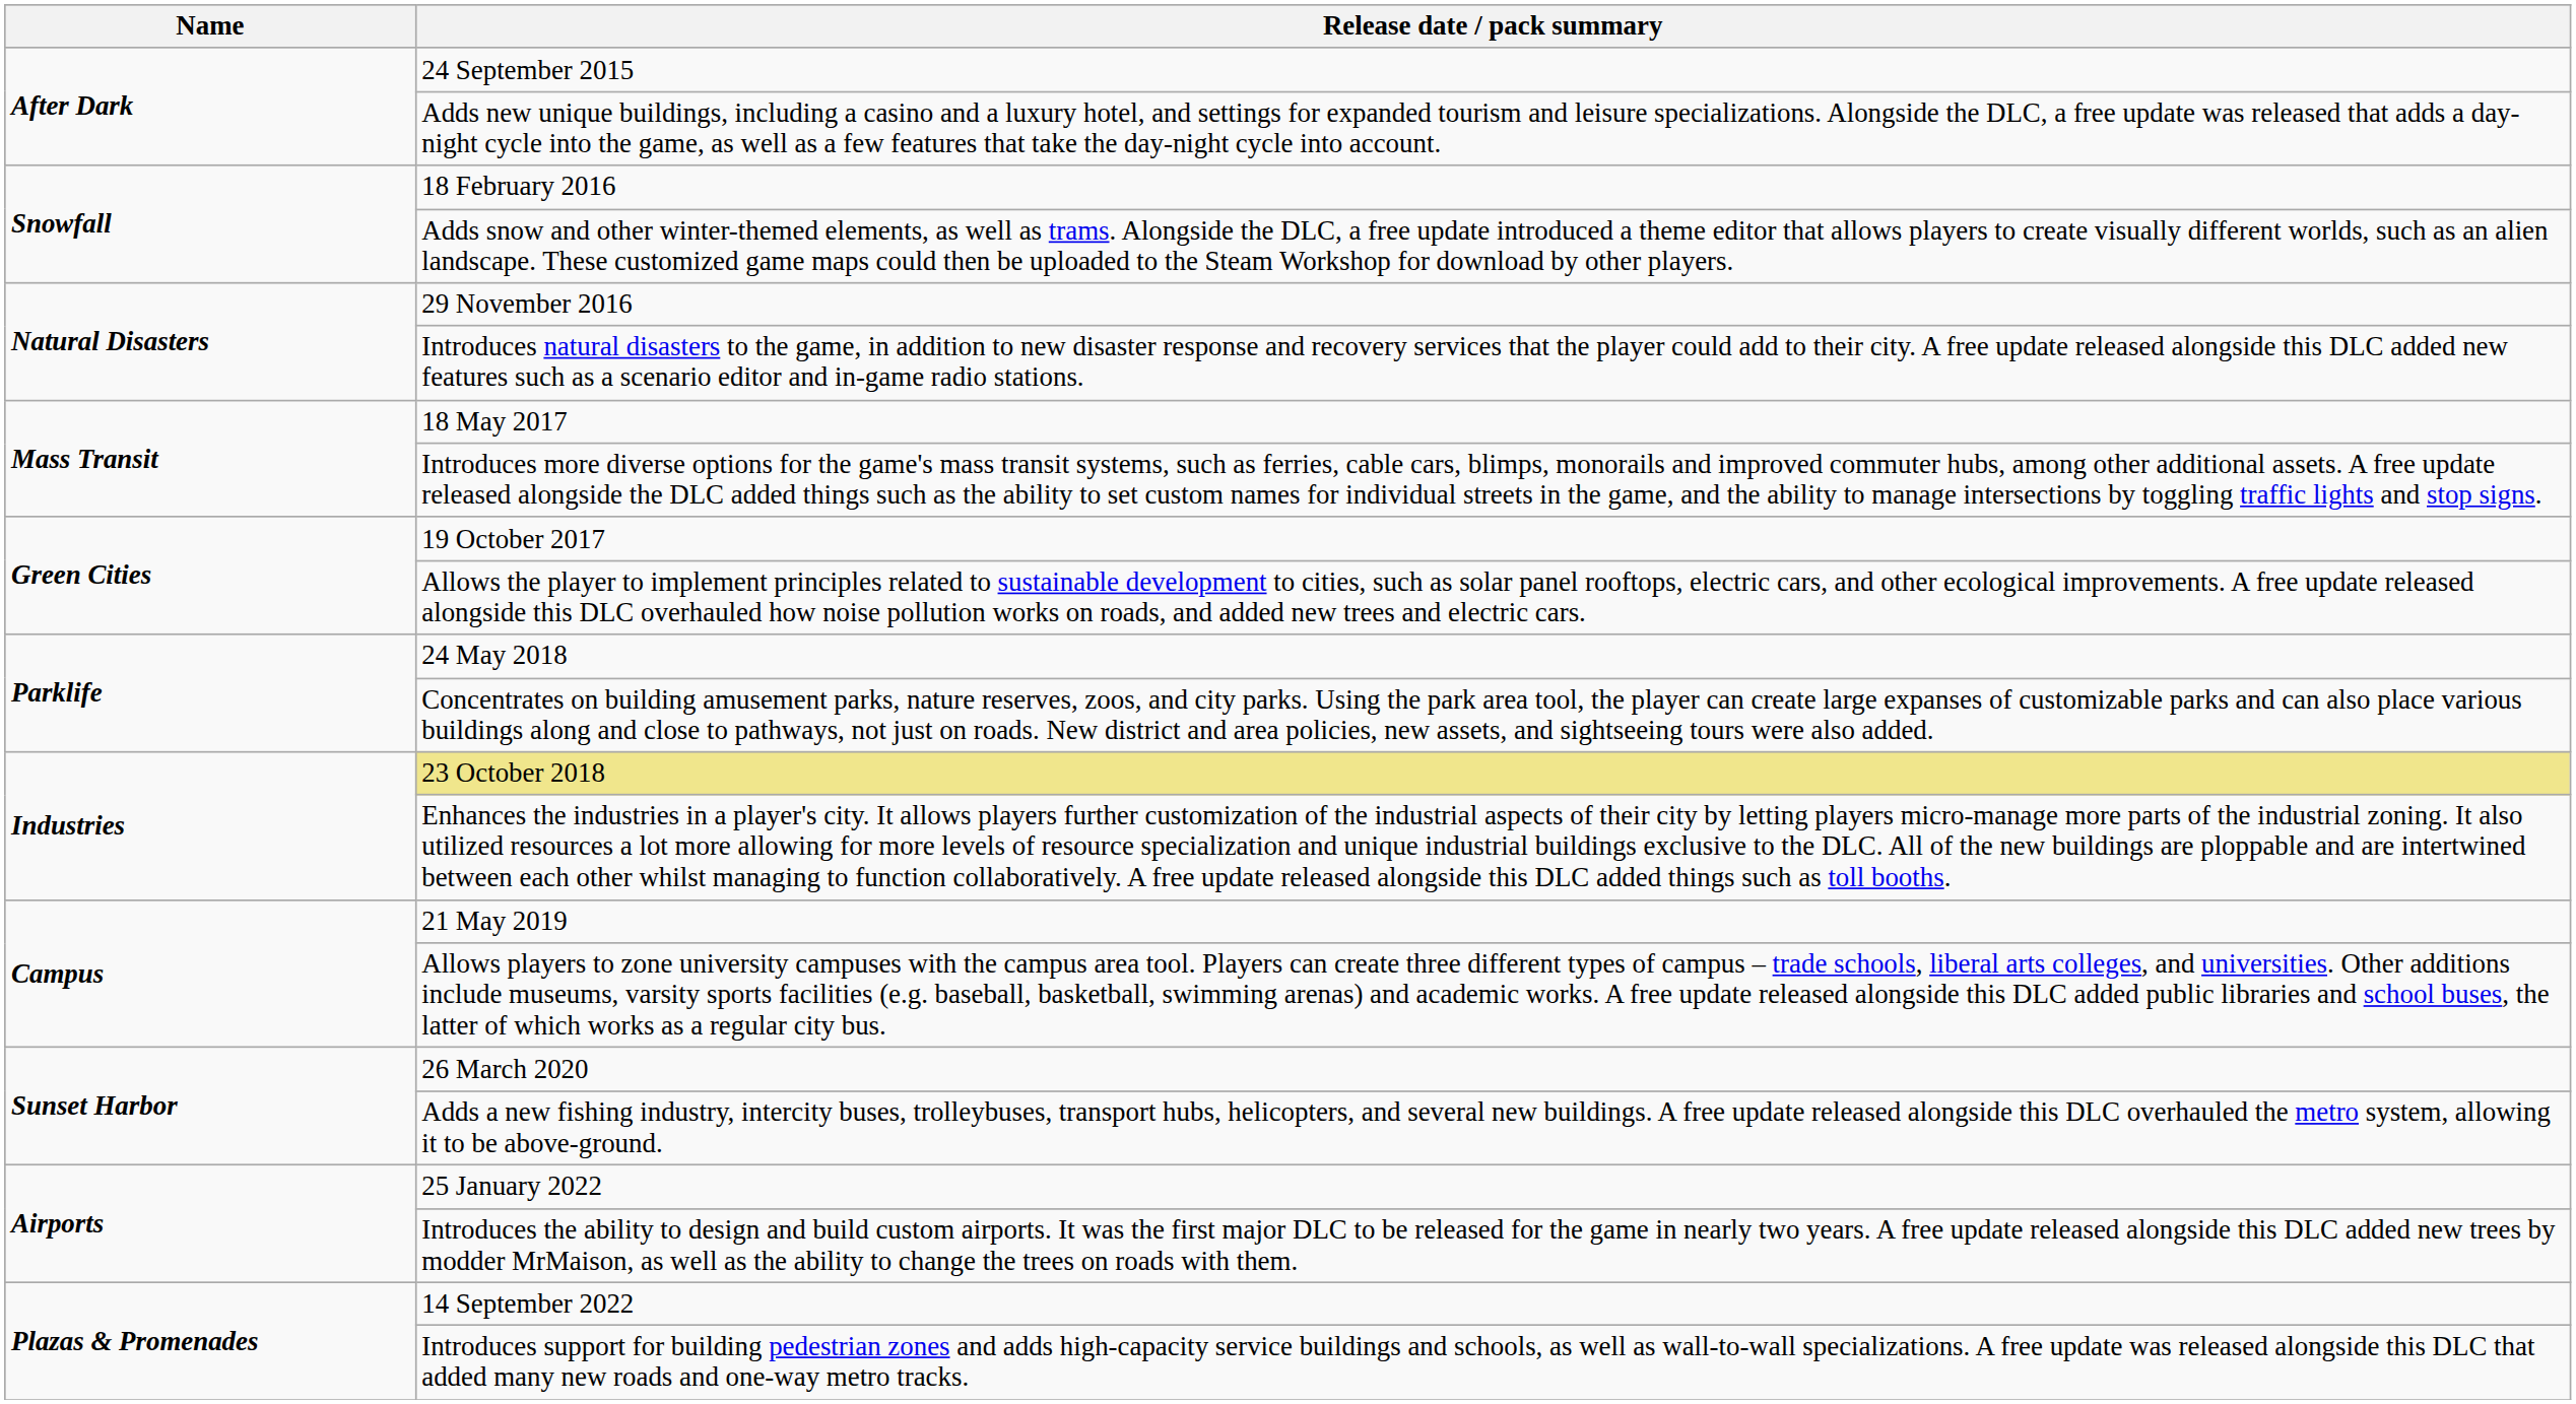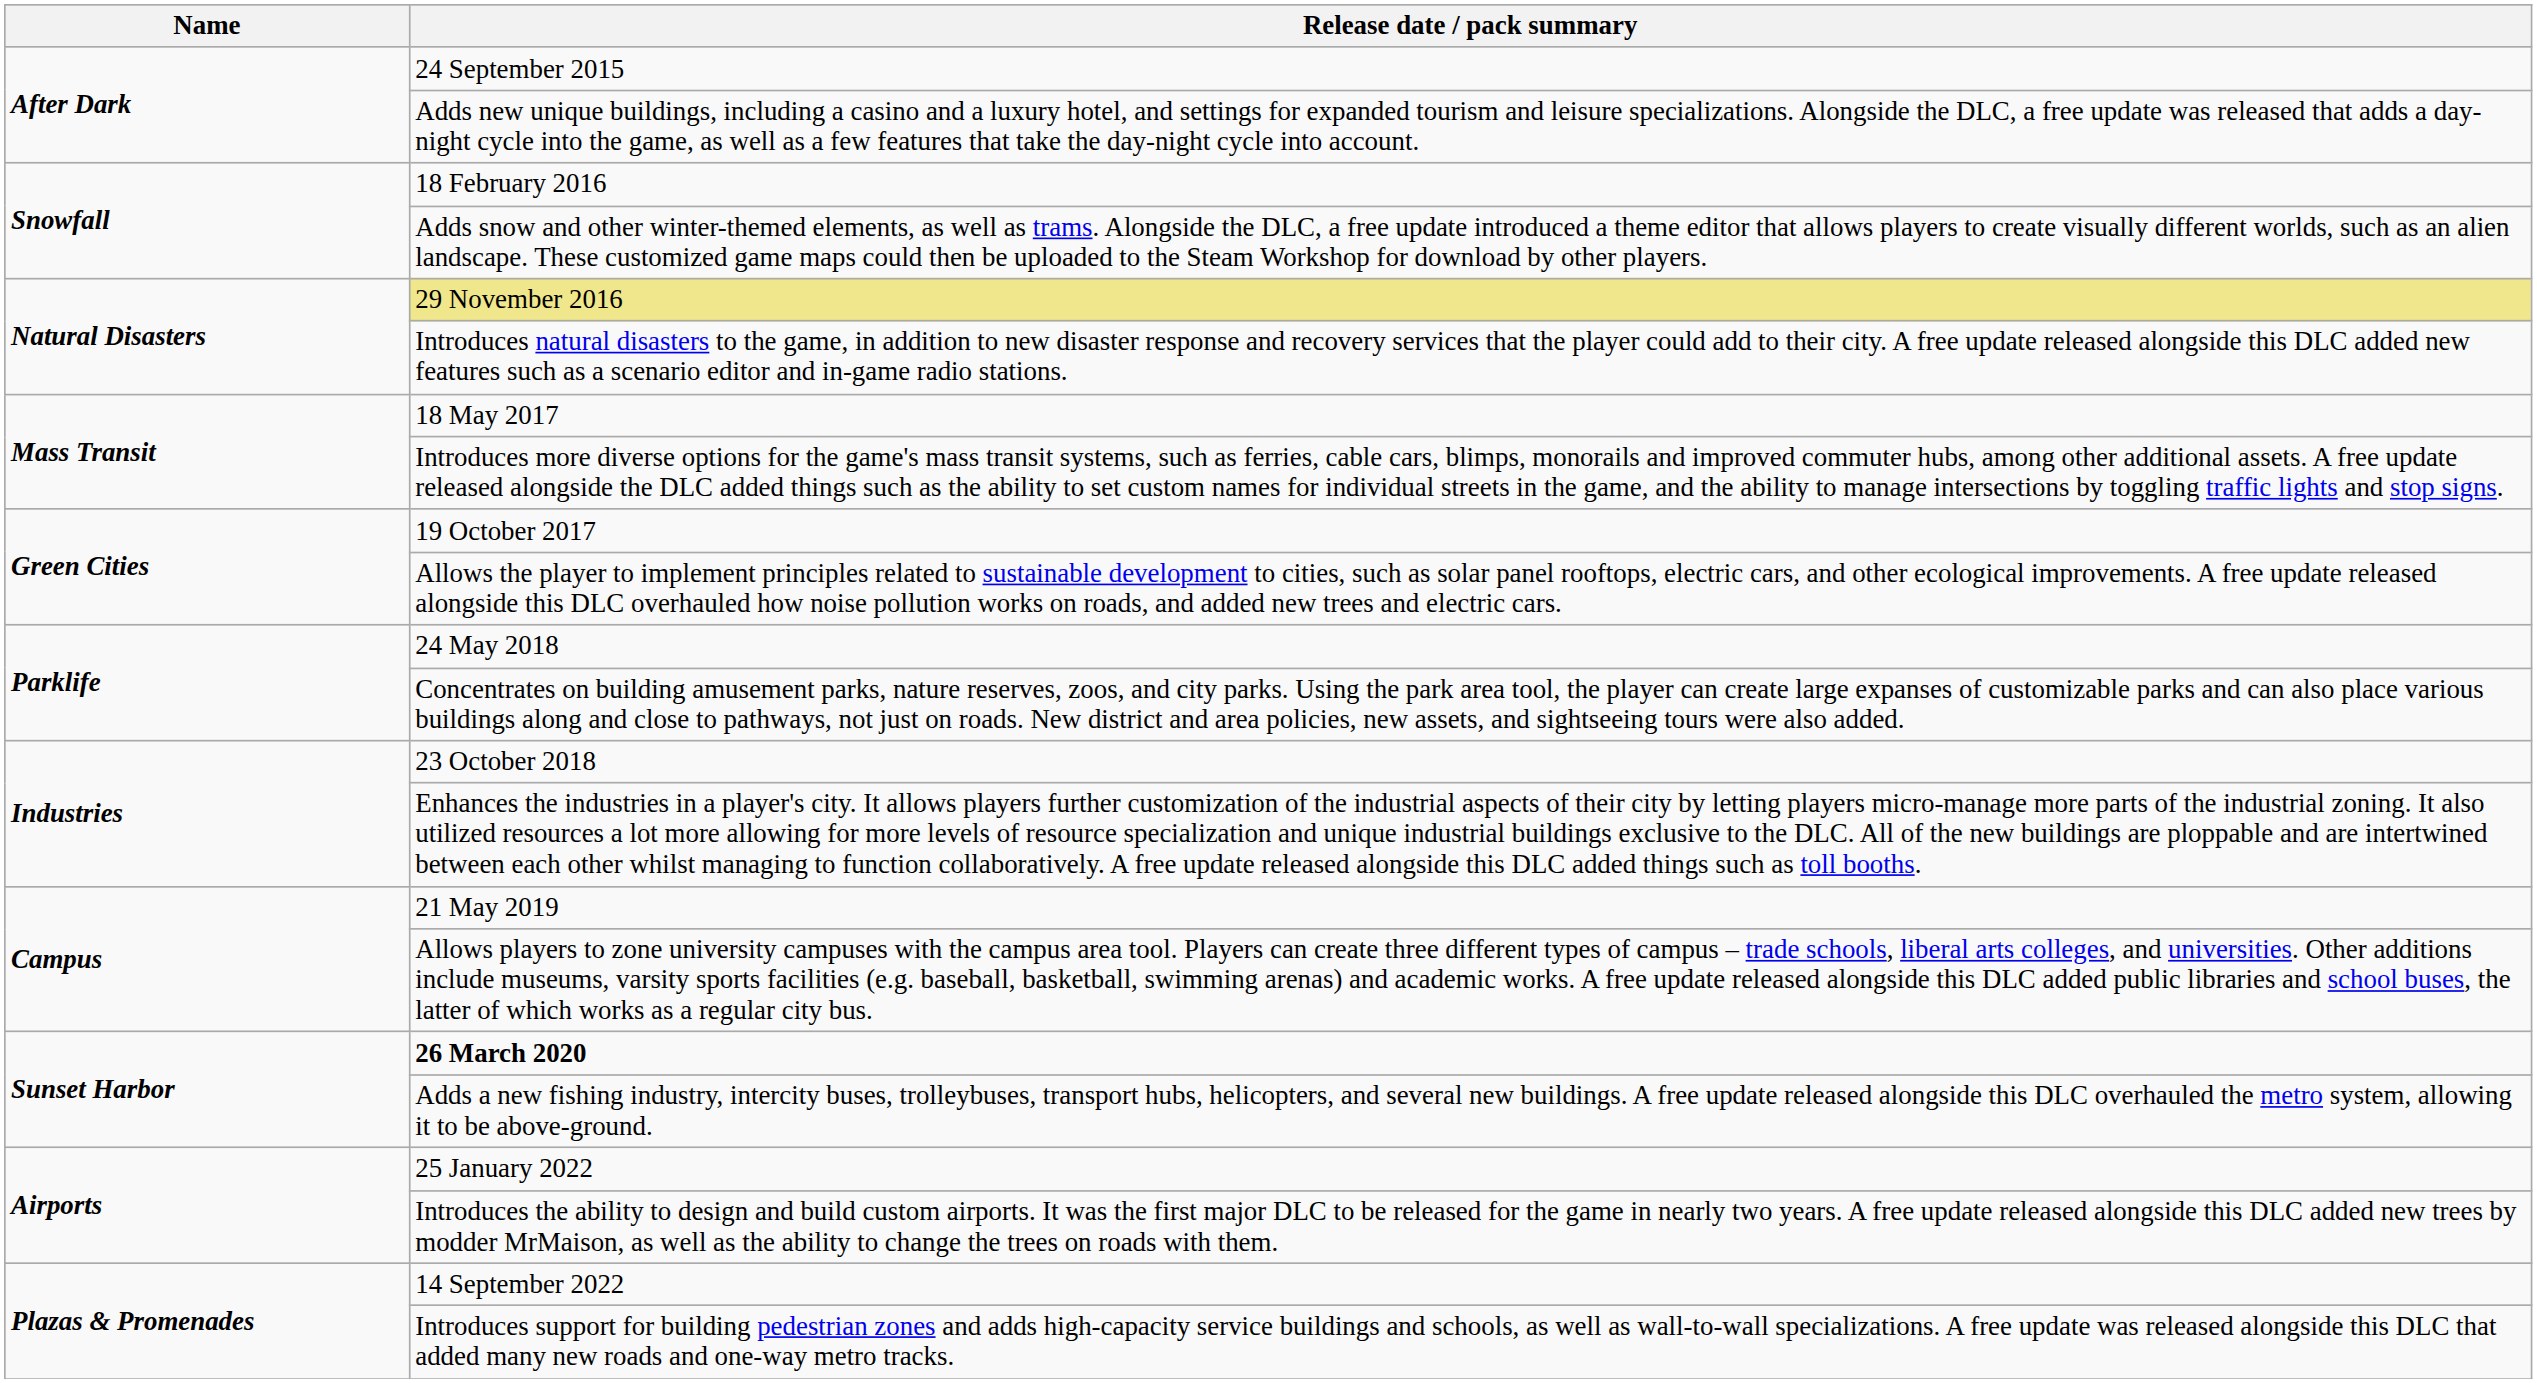 <table class="wikitable" style="width: 95%;">
 <tr>
 <th width="16%">Name</th>
 <th>Release date / pack summary</th>
 </tr>
 <tr>
 <td rowspan="2"><strong><em>After Dark</em></strong></td>
 <td>24 September 2015</td>
 </tr>
 <tr>
 <td>Adds new unique buildings, including a casino and a luxury hotel, and settings for expanded tourism and leisure specializations. Alongside the DLC, a free update was released that adds a day-night cycle into the game, as well as a few features that take the day-night cycle into account.</td>
 </tr>
 <tr>
 <td rowspan="2"><strong><em>Snowfall</em></strong></td>
 <td>18 February 2016</td>
 </tr>
 <tr>
 <td>Adds snow and other winter-themed elements, as well as <a href='#'>trams</a>. Alongside the DLC, a free update introduced a theme editor that allows players to create visually different worlds, such as an alien landscape. These customized game maps could then be uploaded to the Steam Workshop for download by other players.</td>
 </tr>
 <tr>
 <td rowspan="2"><strong><em>Natural Disasters</em></strong></td>
-<td>29 November 2016</td>
+<td style="background: khaki;">29 November 2016</td>
 </tr>
 <tr>
 <td>Introduces <a href='#'>natural disasters</a> to the game, in addition to new disaster response and recovery services that the player could add to their city. A free update released alongside this DLC added new features such as a scenario editor and in-game radio stations.</td>
 </tr>
 <tr>
 <td rowspan="2"><strong><em>Mass Transit</em></strong></td>
 <td>18 May 2017</td>
 </tr>
 <tr>
 <td>Introduces more diverse options for the game's mass transit systems, such as ferries, cable cars, blimps, monorails and improved commuter hubs, among other additional assets. A free update released alongside the DLC added things such as the ability to set custom names for individual streets in the game, and the ability to manage intersections by toggling <a href='#'>traffic lights</a> and <a href='#'>stop signs</a>.</td>
 </tr>
 <tr>
 <td rowspan="2"><strong><em>Green Cities</em></strong></td>
 <td>19 October 2017</td>
 </tr>
 <tr>
 <td>Allows the player to implement principles related to <a href='#'>sustainable development</a> to cities, such as solar panel rooftops, electric cars, and other ecological improvements. A free update released alongside this DLC overhauled how noise pollution works on roads, and added new trees and electric cars.</td>
 </tr>
 <tr>
 <td rowspan="2"><strong><em>Parklife</em></strong></td>
 <td>24 May 2018</td>
 </tr>
 <tr>
 <td>Concentrates on building amusement parks, nature reserves, zoos, and city parks. Using the park area tool, the player can create large expanses of customizable parks and can also place various buildings along and close to pathways, not just on roads. New district and area policies, new assets, and sightseeing tours were also added.</td>
 </tr>
 <tr>
 <td rowspan="2"><strong><em>Industries</em></strong></td>
-<td style="background: khaki;">23 October 2018</td>
+<td>23 October 2018</td>
 </tr>
 <tr>
 <td>Enhances the industries in a player's city. It allows players further customization of the industrial aspects of their city by letting players micro-manage more parts of the industrial zoning. It also utilized resources a lot more allowing for more levels of resource specialization and unique industrial buildings exclusive to the DLC. All of the new buildings are ploppable and are intertwined between each other whilst managing to function collaboratively. A free update released alongside this DLC added things such as <a href='#'>toll booths</a>.</td>
 </tr>
 <tr>
 <td rowspan="2"><strong><em>Campus</em></strong></td>
 <td>21 May 2019</td>
 </tr>
 <tr>
 <td>Allows players to zone university campuses with the campus area tool. Players can create three different types of campus – <a href='#'>trade schools</a>, <a href='#'>liberal arts colleges</a>, and <a href='#'>universities</a>. Other additions include museums, varsity sports facilities (e.g. baseball, basketball, swimming arenas) and academic works. A free update released alongside this DLC added public libraries and <a href='#'>school buses</a>, the latter of which works as a regular city bus.</td>
 </tr>
 <tr>
 <td rowspan="2"><strong><em>Sunset Harbor</em></strong></td>
-<td>26 March 2020</td>
+<td><strong>26 March 2020</strong></td>
 </tr>
 <tr>
 <td>Adds a new fishing industry, intercity buses, trolleybuses, transport hubs, helicopters, and several new buildings. A free update released alongside this DLC overhauled the <a href='#'>metro</a> system, allowing it to be above-ground.</td>
 </tr>
 <tr>
 <td rowspan="2"><strong><em>Airports</em></strong></td>
 <td>25 January 2022</td>
 </tr>
 <tr>
 <td>Introduces the ability to design and build custom airports. It was the first major DLC to be released for the game in nearly two years. A free update released alongside this DLC added new trees by modder MrMaison, as well as the ability to change the trees on roads with them.</td>
 </tr>
 <tr>
 <td rowspan="2"><strong><em>Plazas & Promenades</em></strong></td>
 <td>14 September 2022</td>
 </tr>
 <tr>
 <td>Introduces support for building <a href='#'>pedestrian zones</a> and adds high-capacity service buildings and schools, as well as wall-to-wall specializations. A free update was released alongside this DLC that added many new roads and one-way metro tracks.</td>
 </tr>
 </table>
